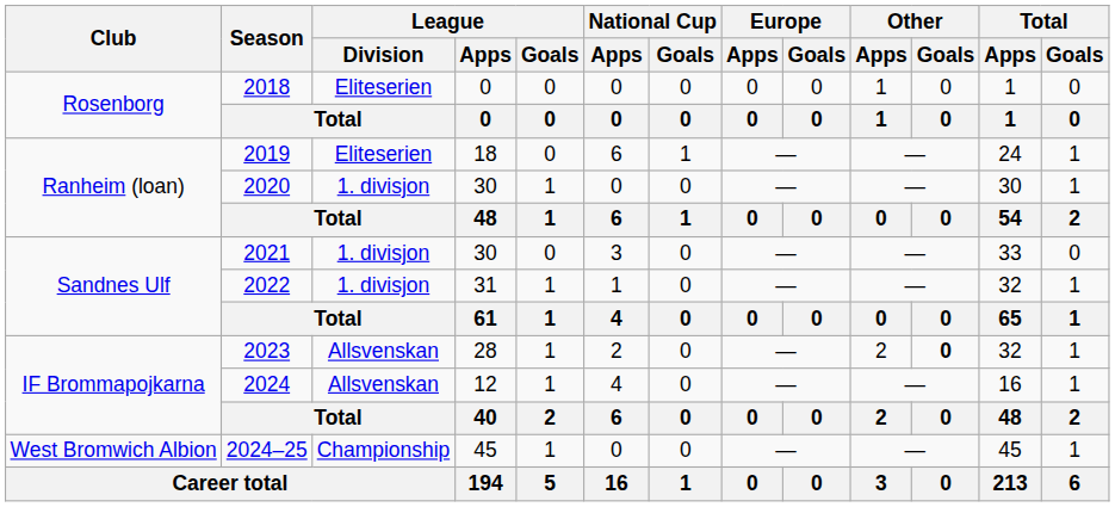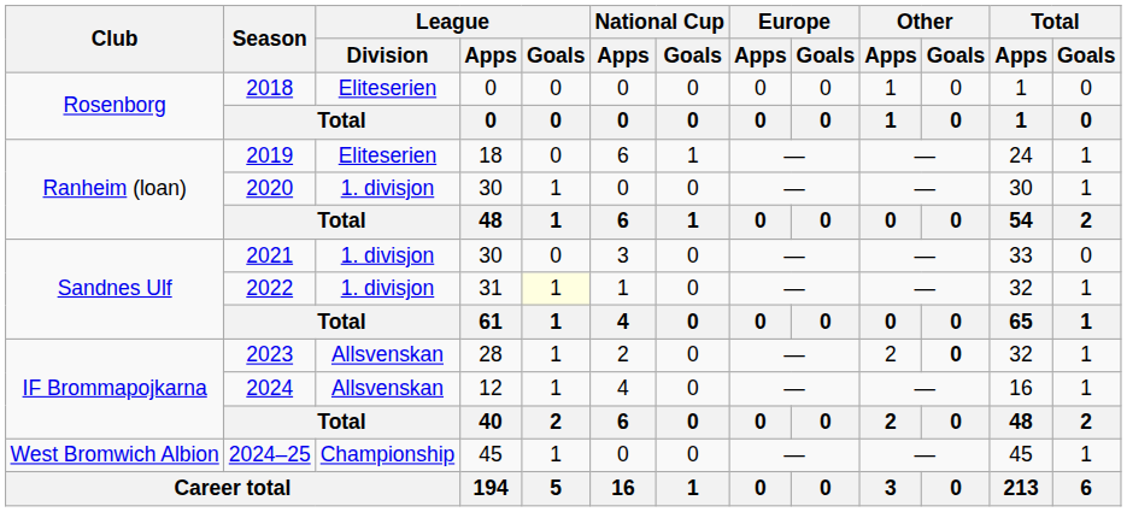 <table class="wikitable" style="text-align: center;">
 <tr>
 <th rowspan="2">Club</th>
 <th rowspan="2">Season</th>
 <th colspan="3">League</th>
 <th colspan="2">National Cup</th>
 <th colspan="2">Europe</th>
 <th colspan="2">Other</th>
 <th colspan="2">Total</th>
 </tr>
 <tr>
 <th>Division</th>
 <th>Apps</th>
 <th>Goals</th>
 <th>Apps</th>
 <th>Goals</th>
 <th>Apps</th>
 <th>Goals</th>
 <th>Apps</th>
 <th>Goals</th>
 <th>Apps</th>
 <th>Goals</th>
 </tr>
 <tr>
 <td rowspan="2"><a href='#'>Rosenborg</a></td>
 <td><a href='#'>2018</a></td>
 <td><a href='#'>Eliteserien</a></td>
 <td>0</td>
 <td>0</td>
 <td>0</td>
 <td>0</td>
 <td>0</td>
 <td>0</td>
 <td>1</td>
 <td>0</td>
 <td>1</td>
 <td>0</td>
 </tr>
 <tr>
 <th colspan="2">Total</th>
 <th>0</th>
 <th>0</th>
 <th>0</th>
 <th>0</th>
 <th>0</th>
 <th>0</th>
 <th>1</th>
 <th>0</th>
 <th>1</th>
 <th>0</th>
 </tr>
 <tr>
 <td rowspan="3"><a href='#'>Ranheim</a> (loan)</td>
 <td><a href='#'>2019</a></td>
 <td><a href='#'>Eliteserien</a></td>
 <td>18</td>
 <td>0</td>
 <td>6</td>
 <td>1</td>
 <td colspan="2">—</td>
 <td colspan="2">—</td>
 <td>24</td>
 <td>1</td>
 </tr>
 <tr>
 <td><a href='#'>2020</a></td>
 <td><a href='#'>1. divisjon</a></td>
 <td>30</td>
 <td>1</td>
 <td>0</td>
 <td>0</td>
 <td colspan="2">—</td>
 <td colspan="2">—</td>
 <td>30</td>
 <td>1</td>
 </tr>
 <tr>
 <th colspan="2">Total</th>
 <th>48</th>
 <th>1</th>
 <th>6</th>
 <th>1</th>
 <th>0</th>
 <th>0</th>
 <th>0</th>
 <th>0</th>
 <th>54</th>
 <th>2</th>
 </tr>
 <tr>
 <td rowspan="3"><a href='#'>Sandnes Ulf</a></td>
 <td><a href='#'>2021</a></td>
 <td><a href='#'>1. divisjon</a></td>
 <td>30</td>
 <td>0</td>
 <td>3</td>
 <td>0</td>
 <td colspan="2">—</td>
 <td colspan="2">—</td>
 <td>33</td>
 <td>0</td>
 </tr>
 <tr>
 <td><a href='#'>2022</a></td>
 <td><a href='#'>1. divisjon</a></td>
 <td>31</td>
-<td>1</td>
+<td style="background: lightyellow;">1</td>
 <td>1</td>
 <td>0</td>
 <td colspan="2">—</td>
 <td colspan="2">—</td>
 <td>32</td>
 <td>1</td>
 </tr>
 <tr>
 <th colspan="2">Total</th>
 <th>61</th>
 <th>1</th>
 <th>4</th>
 <th>0</th>
 <th>0</th>
 <th>0</th>
 <th>0</th>
 <th>0</th>
 <th>65</th>
 <th>1</th>
 </tr>
 <tr>
 <td rowspan="3"><a href='#'>IF Brommapojkarna</a></td>
 <td><a href='#'>2023</a></td>
 <td><a href='#'>Allsvenskan</a></td>
 <td>28</td>
 <td>1</td>
 <td>2</td>
 <td>0</td>
 <td colspan="2">—</td>
 <td>2</td>
 <td><strong>0</strong></td>
 <td>32</td>
 <td>1</td>
 </tr>
 <tr>
 <td><a href='#'>2024</a></td>
 <td><a href='#'>Allsvenskan</a></td>
 <td>12</td>
 <td>1</td>
 <td>4</td>
 <td>0</td>
 <td colspan="2">—</td>
 <td colspan="2">—</td>
 <td>16</td>
 <td>1</td>
 </tr>
 <tr>
 <th colspan="2">Total</th>
 <th>40</th>
 <th>2</th>
 <th>6</th>
 <th>0</th>
 <th>0</th>
 <th>0</th>
 <th>2</th>
 <th>0</th>
 <th>48</th>
 <th>2</th>
 </tr>
 <tr>
 <td><a href='#'>West Bromwich Albion</a></td>
 <td><a href='#'>2024–25</a></td>
 <td><a href='#'>Championship</a></td>
 <td>45</td>
 <td>1</td>
 <td>0</td>
 <td>0</td>
 <td colspan="2">—</td>
 <td colspan="2">—</td>
 <td>45</td>
 <td>1</td>
 </tr>
 <tr>
 <th colspan="3">Career total</th>
 <th>194</th>
 <th>5</th>
 <th>16</th>
 <th>1</th>
 <th>0</th>
 <th>0</th>
 <th>3</th>
 <th>0</th>
 <th>213</th>
 <th>6</th>
 </tr>
 </table>
